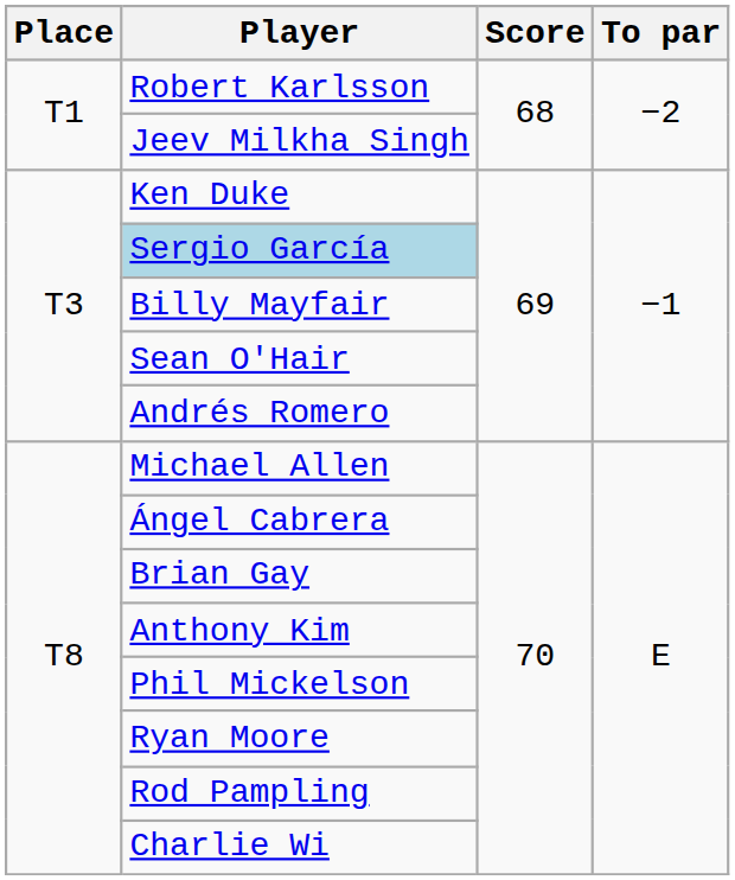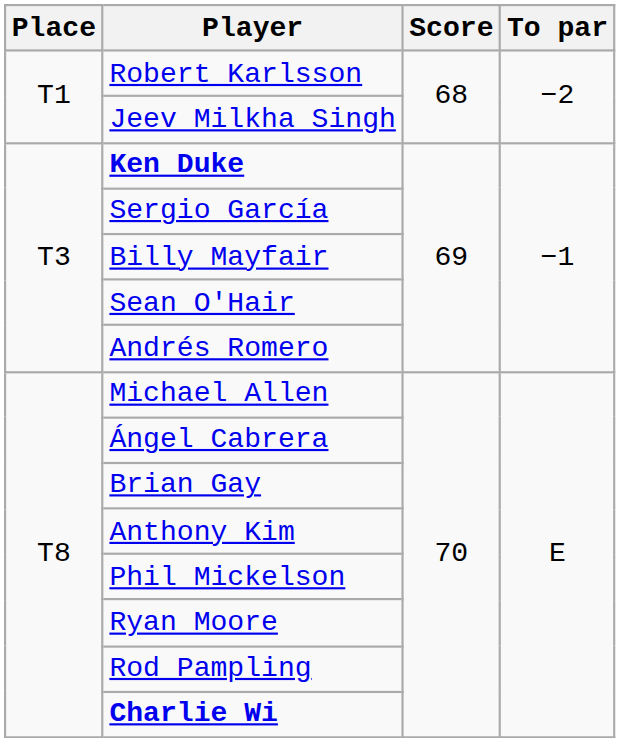 <table class="wikitable">
 <tr>
 <th>Place</th>
 <th>Player</th>
 <th>Score</th>
 <th>To par</th>
 </tr>
 <tr>
 <td align=center rowspan="2">T1</td>
 <td> <a href='#'>Robert Karlsson</a></td>
 <td rowspan="2" align=center>68</td>
 <td rowspan="2" align=center>−2</td>
 </tr>
 <tr>
 <td> <a href='#'>Jeev Milkha Singh</a></td>
 </tr>
 <tr>
 <td align=center rowspan="5">T3</td>
-<td> <a href='#'>Ken Duke</a></td>
+<td><strong> <a href='#'>Ken Duke</a></strong></td>
 <td rowspan="5" align=center>69</td>
 <td rowspan="5" align=center>−1</td>
 </tr>
 <tr>
-<td style="background: lightblue;"> <a href='#'>Sergio García</a></td>
+<td> <a href='#'>Sergio García</a></td>
 </tr>
 <tr>
 <td> <a href='#'>Billy Mayfair</a></td>
 </tr>
 <tr>
 <td> <a href='#'>Sean O'Hair</a></td>
 </tr>
 <tr>
 <td> <a href='#'>Andrés Romero</a></td>
 </tr>
 <tr>
 <td align=center rowspan="8">T8</td>
 <td> <a href='#'>Michael Allen</a></td>
 <td rowspan="8" align=center>70</td>
 <td rowspan="8" align=center>E</td>
 </tr>
 <tr>
 <td> <a href='#'>Ángel Cabrera</a></td>
 </tr>
 <tr>
 <td> <a href='#'>Brian Gay</a></td>
 </tr>
 <tr>
 <td> <a href='#'>Anthony Kim</a></td>
 </tr>
 <tr>
 <td> <a href='#'>Phil Mickelson</a></td>
 </tr>
 <tr>
 <td> <a href='#'>Ryan Moore</a></td>
 </tr>
 <tr>
 <td> <a href='#'>Rod Pampling</a></td>
 </tr>
 <tr>
-<td> <a href='#'>Charlie Wi</a></td>
+<td><strong> <a href='#'>Charlie Wi</a></strong></td>
 </tr>
 </table>
